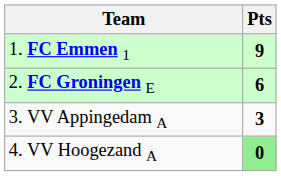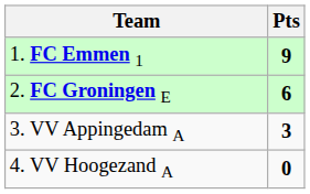 <table class="wikitable" style="text-align:center; float:left; margin-right:1em">
 <tr>
 <th style="width:200px">Team</th>
 <th width=20>Pts</th>
 </tr>
 <tr bgcolor=ccffcc>
 <td align=left>1. <strong><a href='#'>FC Emmen</a></strong> <sub>1</sub></td>
 <td><strong>9</strong></td>
 </tr>
 <tr bgcolor=ccffcc>
 <td align=left>2. <strong><a href='#'>FC Groningen</a></strong> <sub>E</sub></td>
 <td><strong>6</strong></td>
 </tr>
 <tr>
 <td align=left>3. VV Appingedam <sub>A</sub></td>
 <td><strong>3</strong></td>
 </tr>
 <tr>
 <td align=left>4. VV Hoogezand <sub>A</sub></td>
-<td style="background: lightgreen;"><strong>0</strong></td>
+<td><strong>0</strong></td>
 </tr>
 </table>
